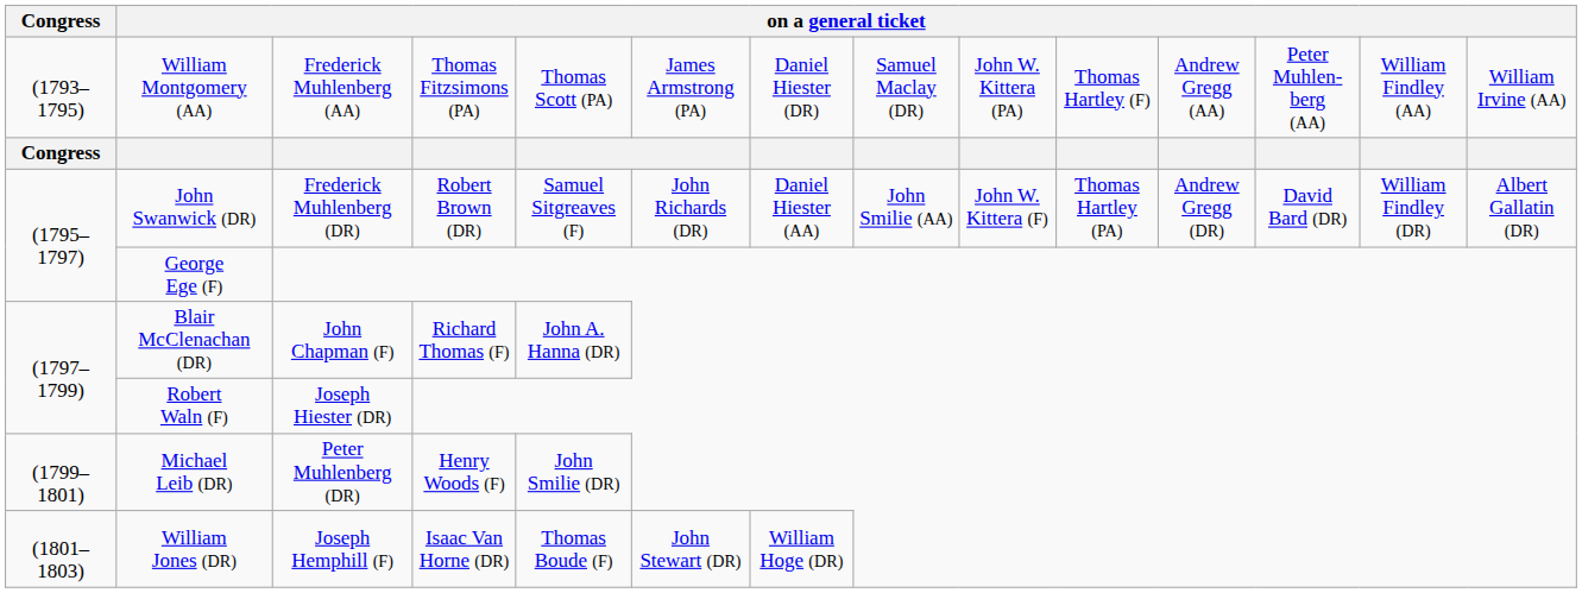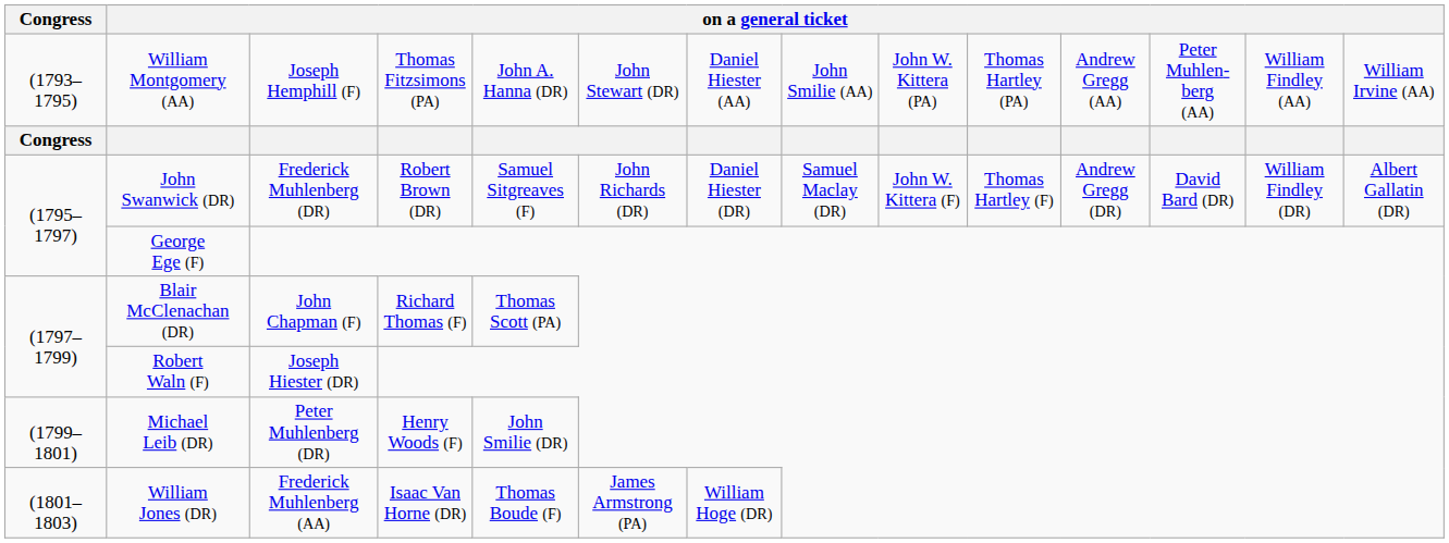 <table class=wikitable style="text-align:center">
 <tr>
 <th>Congress</th>
 <th colspan=13> on a <a href='#'>general ticket</a></th>
 </tr>
 <tr style="height:3em">
 <td><strong></strong><br>(1793–1795)</td>
 <td><a href='#'>William<br>Mont­gomery</a><br><small>(AA)</small></td>
-<td><a href='#'>Frederick<br>Muhlen­berg</a><br><small>(AA)</small></td>
+<td><a href='#'>Joseph<br>Hemphill</a> <small>(F)</small></td>
 <td><a href='#'>Thomas<br>Fitzsimons</a><br><small>(PA)</small></td>
-<td><a href='#'>Thomas<br>Scott</a> <small>(PA)</small></td>
-<td><a href='#'>James<br>Armstrong</a><br><small>(PA)</small></td>
-<td><a href='#'>Daniel<br>Hiester</a> <small>(DR)</small></td>
-<td><a href='#'>Samuel<br>Maclay</a> <small>(DR)</small></td>
+<td><a href='#'>John A.<br>Hanna</a> <small>(DR)</small></td>
+<td><a href='#'>John<br>Stewart</a> <small>(DR)</small></td>
+<td><a href='#'>Daniel<br>Hiester</a> <small>(AA)</small></td>
+<td><a href='#'>John<br>Smilie</a> <small>(AA)</small></td>
 <td><a href='#'>John W.<br>Kittera</a> <small>(PA)</small></td>
-<td><a href='#'>Thomas<br>Hartley</a> <small>(F)</small></td>
+<td><a href='#'>Thomas<br>Hartley</a> <small>(PA)</small></td>
 <td><a href='#'>Andrew<br>Gregg</a> <small>(AA)</small></td>
 <td><a href='#'>Peter<br>Muhlen­berg</a><br><small>(AA)</small></td>
 <td><a href='#'>William<br>Findley</a> <small>(AA)</small></td>
 <td><a href='#'>William<br>Irvine</a> <small>(AA)</small></td>
 </tr>
 <tr>
 <th>Cong­ress</th>
 <th></th>
 <th></th>
 <th></th>
 <th colspan=2> </th>
 <th></th>
 <th></th>
 <th></th>
 <th></th>
 <th></th>
 <th></th>
 <th></th>
 <th></th>
 </tr>
 <tr style="height:3em">
 <td rowspan=2><strong></strong><br>(1795–1797)</td>
 <td><a href='#'>John<br>Swanwick</a> <small>(DR)</small></td>
 <td><a href='#'>Frederick<br>Muhlen­berg</a> <small>(DR)</small></td>
 <td><a href='#'>Robert<br>Brown</a> <small>(DR)</small></td>
 <td><a href='#'>Samuel<br>Sitgreaves</a> <small>(F)</small></td>
 <td><a href='#'>John<br>Richards</a> <small>(DR)</small></td>
-<td><a href='#'>Daniel<br>Hiester</a> <small>(AA)</small></td>
-<td><a href='#'>John<br>Smilie</a> <small>(AA)</small></td>
+<td><a href='#'>Daniel<br>Hiester</a> <small>(DR)</small></td>
+<td><a href='#'>Samuel<br>Maclay</a> <small>(DR)</small></td>
 <td><a href='#'>John W.<br>Kittera</a> <small>(F)</small></td>
-<td><a href='#'>Thomas<br>Hartley</a> <small>(PA)</small></td>
+<td><a href='#'>Thomas<br>Hartley</a> <small>(F)</small></td>
 <td><a href='#'>Andrew<br>Gregg</a> <small>(DR)</small></td>
 <td><a href='#'>David<br>Bard</a> <small>(DR)</small></td>
 <td><a href='#'>William<br>Findley</a> <small>(DR)</small></td>
 <td><a href='#'>Albert<br>Gallatin</a> <small>(DR)</small></td>
 </tr>
 <tr style="height:2em">
 <td><a href='#'>George<br>Ege</a> <small>(F)</small></td>
 </tr>
 <tr style="height:3em">
 <td rowspan=2><strong></strong><br>(1797–1799)</td>
 <td><a href='#'>Blair<br>McClenachan</a> <small>(DR)</small></td>
 <td><a href='#'>John<br>Chapman</a> <small>(F)</small></td>
 <td><a href='#'>Richard<br>Thomas</a> <small>(F)</small></td>
-<td><a href='#'>John A.<br>Hanna</a> <small>(DR)</small></td>
+<td><a href='#'>Thomas<br>Scott</a> <small>(PA)</small></td>
 </tr>
 <tr style="height:2em">
 <td><a href='#'>Robert<br>Waln</a> <small>(F)</small></td>
 <td><a href='#'>Joseph<br>Hiester</a> <small>(DR)</small></td>
 </tr>
 <tr style="height:3em">
 <td><strong></strong><br>(1799–1801)</td>
 <td><a href='#'>Michael<br>Leib</a> <small>(DR)</small></td>
 <td><a href='#'>Peter<br>Muhlen­berg</a> <small>(DR)</small></td>
 <td><a href='#'>Henry<br>Woods</a> <small>(F)</small></td>
 <td><a href='#'>John<br>Smilie</a> <small>(DR)</small></td>
 </tr>
 <tr style="height:3em">
 <td><strong></strong><br>(1801–1803)</td>
 <td><a href='#'>William<br>Jones</a> <small>(DR)</small></td>
-<td><a href='#'>Joseph<br>Hemphill</a> <small>(F)</small></td>
+<td><a href='#'>Frederick<br>Muhlen­berg</a><br><small>(AA)</small></td>
 <td><a href='#'>Isaac Van<br>Horne</a> <small>(DR)</small></td>
 <td><a href='#'>Thomas<br>Boude</a> <small>(F)</small></td>
-<td><a href='#'>John<br>Stewart</a> <small>(DR)</small></td>
+<td><a href='#'>James<br>Armstrong</a><br><small>(PA)</small></td>
 <td><a href='#'>William<br>Hoge</a> <small>(DR)</small></td>
 </tr>
 </table>
